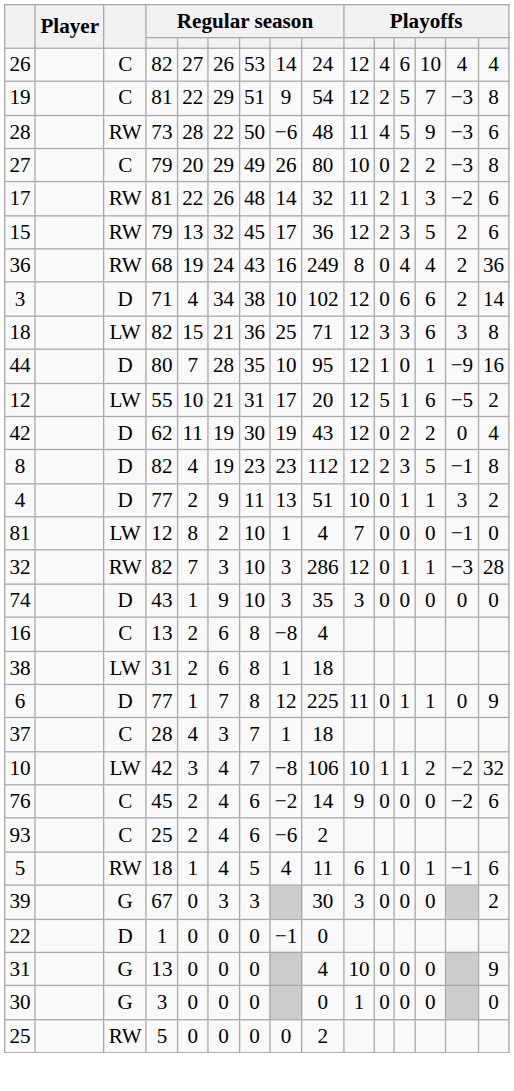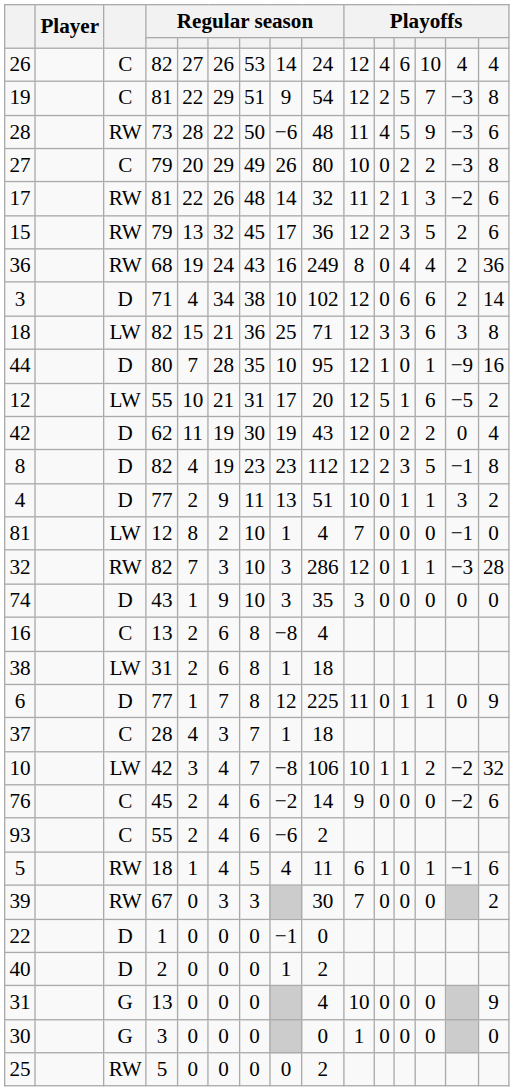 <table class="wikitable sortable plainrowheaders" style="text-align:center;">
 <tr>
 <th scope="col" data-sort-type="number" rowspan="2"></th>
 <th scope="col" rowspan="2">Player</th>
 <th scope="col" rowspan="2"></th>
 <th scope=colgroup colspan=6>Regular season</th>
 <th scope=colgroup colspan=6>Playoffs</th>
 </tr>
 <tr>
 <th scope="col" data-sort-type="number"></th>
 <th scope="col" data-sort-type="number"></th>
 <th scope="col" data-sort-type="number"></th>
 <th scope="col" data-sort-type="number"></th>
 <th scope="col" data-sort-type="number"></th>
 <th scope="col" data-sort-type="number"></th>
 <th scope="col" data-sort-type="number"></th>
 <th scope="col" data-sort-type="number"></th>
 <th scope="col" data-sort-type="number"></th>
 <th scope="col" data-sort-type="number"></th>
 <th scope="col" data-sort-type="number"></th>
 <th scope="col" data-sort-type="number"></th>
 </tr>
 <tr>
 <td scope="row">26</td>
 <td align="left"></td>
 <td>C</td>
 <td>82</td>
 <td>27</td>
 <td>26</td>
 <td>53</td>
 <td>14</td>
 <td>24</td>
 <td>12</td>
 <td>4</td>
 <td>6</td>
 <td>10</td>
 <td>4</td>
 <td>4</td>
 </tr>
 <tr>
 <td scope="row">19</td>
 <td align="left"></td>
 <td>C</td>
 <td>81</td>
 <td>22</td>
 <td>29</td>
 <td>51</td>
 <td>9</td>
 <td>54</td>
 <td>12</td>
 <td>2</td>
 <td>5</td>
 <td>7</td>
 <td>−3</td>
 <td>8</td>
 </tr>
 <tr>
 <td scope="row">28</td>
 <td align="left"></td>
 <td>RW</td>
 <td>73</td>
 <td>28</td>
 <td>22</td>
 <td>50</td>
 <td>−6</td>
 <td>48</td>
 <td>11</td>
 <td>4</td>
 <td>5</td>
 <td>9</td>
 <td>−3</td>
 <td>6</td>
 </tr>
 <tr>
 <td scope="row">27</td>
 <td align="left"></td>
 <td>C</td>
 <td>79</td>
 <td>20</td>
 <td>29</td>
 <td>49</td>
 <td>26</td>
 <td>80</td>
 <td>10</td>
 <td>0</td>
 <td>2</td>
 <td>2</td>
 <td>−3</td>
 <td>8</td>
 </tr>
 <tr>
 <td scope="row">17</td>
 <td align="left"></td>
 <td>RW</td>
 <td>81</td>
 <td>22</td>
 <td>26</td>
 <td>48</td>
 <td>14</td>
 <td>32</td>
 <td>11</td>
 <td>2</td>
 <td>1</td>
 <td>3</td>
 <td>−2</td>
 <td>6</td>
 </tr>
 <tr>
 <td scope="row">15</td>
 <td align="left"></td>
 <td>RW</td>
 <td>79</td>
 <td>13</td>
 <td>32</td>
 <td>45</td>
 <td>17</td>
 <td>36</td>
 <td>12</td>
 <td>2</td>
 <td>3</td>
 <td>5</td>
 <td>2</td>
 <td>6</td>
 </tr>
 <tr>
 <td scope="row">36</td>
 <td align="left"></td>
 <td>RW</td>
 <td>68</td>
 <td>19</td>
 <td>24</td>
 <td>43</td>
 <td>16</td>
 <td>249</td>
 <td>8</td>
 <td>0</td>
 <td>4</td>
 <td>4</td>
 <td>2</td>
 <td>36</td>
 </tr>
 <tr>
 <td scope="row">3</td>
 <td align="left"></td>
 <td>D</td>
 <td>71</td>
 <td>4</td>
 <td>34</td>
 <td>38</td>
 <td>10</td>
 <td>102</td>
 <td>12</td>
 <td>0</td>
 <td>6</td>
 <td>6</td>
 <td>2</td>
 <td>14</td>
 </tr>
 <tr>
 <td scope="row">18</td>
 <td align="left"></td>
 <td>LW</td>
 <td>82</td>
 <td>15</td>
 <td>21</td>
 <td>36</td>
 <td>25</td>
 <td>71</td>
 <td>12</td>
 <td>3</td>
 <td>3</td>
 <td>6</td>
 <td>3</td>
 <td>8</td>
 </tr>
 <tr>
 <td scope="row">44</td>
 <td align="left"></td>
 <td>D</td>
 <td>80</td>
 <td>7</td>
 <td>28</td>
 <td>35</td>
 <td>10</td>
 <td>95</td>
 <td>12</td>
 <td>1</td>
 <td>0</td>
 <td>1</td>
 <td>−9</td>
 <td>16</td>
 </tr>
 <tr>
 <td scope="row">12</td>
 <td align="left"></td>
 <td>LW</td>
 <td>55</td>
 <td>10</td>
 <td>21</td>
 <td>31</td>
 <td>17</td>
 <td>20</td>
 <td>12</td>
 <td>5</td>
 <td>1</td>
 <td>6</td>
 <td>−5</td>
 <td>2</td>
 </tr>
 <tr>
 <td scope="row">42</td>
 <td align="left"></td>
 <td>D</td>
 <td>62</td>
 <td>11</td>
 <td>19</td>
 <td>30</td>
 <td>19</td>
 <td>43</td>
 <td>12</td>
 <td>0</td>
 <td>2</td>
 <td>2</td>
 <td>0</td>
 <td>4</td>
 </tr>
 <tr>
 <td scope="row">8</td>
 <td align="left"></td>
 <td>D</td>
 <td>82</td>
 <td>4</td>
 <td>19</td>
 <td>23</td>
 <td>23</td>
 <td>112</td>
 <td>12</td>
 <td>2</td>
 <td>3</td>
 <td>5</td>
 <td>−1</td>
 <td>8</td>
 </tr>
 <tr>
 <td scope="row">4</td>
 <td align="left"></td>
 <td>D</td>
 <td>77</td>
 <td>2</td>
 <td>9</td>
 <td>11</td>
 <td>13</td>
 <td>51</td>
 <td>10</td>
 <td>0</td>
 <td>1</td>
 <td>1</td>
 <td>3</td>
 <td>2</td>
 </tr>
 <tr>
 <td scope="row">81</td>
 <td align="left"></td>
 <td>LW</td>
 <td>12</td>
 <td>8</td>
 <td>2</td>
 <td>10</td>
 <td>1</td>
 <td>4</td>
 <td>7</td>
 <td>0</td>
 <td>0</td>
 <td>0</td>
 <td>−1</td>
 <td>0</td>
 </tr>
 <tr>
 <td scope="row">32</td>
 <td align="left"></td>
 <td>RW</td>
 <td>82</td>
 <td>7</td>
 <td>3</td>
 <td>10</td>
 <td>3</td>
 <td>286</td>
 <td>12</td>
 <td>0</td>
 <td>1</td>
 <td>1</td>
 <td>−3</td>
 <td>28</td>
 </tr>
 <tr>
 <td scope="row">74</td>
 <td align="left"></td>
 <td>D</td>
 <td>43</td>
 <td>1</td>
 <td>9</td>
 <td>10</td>
 <td>3</td>
 <td>35</td>
 <td>3</td>
 <td>0</td>
 <td>0</td>
 <td>0</td>
 <td>0</td>
 <td>0</td>
 </tr>
 <tr>
 <td scope="row">16</td>
 <td align="left"></td>
 <td>C</td>
 <td>13</td>
 <td>2</td>
 <td>6</td>
 <td>8</td>
 <td>−8</td>
 <td>4</td>
 <td></td>
 <td></td>
 <td></td>
 <td></td>
 <td></td>
 <td></td>
 </tr>
 <tr>
 <td scope="row">38</td>
 <td align="left"></td>
 <td>LW</td>
 <td>31</td>
 <td>2</td>
 <td>6</td>
 <td>8</td>
 <td>1</td>
 <td>18</td>
 <td></td>
 <td></td>
 <td></td>
 <td></td>
 <td></td>
 <td></td>
 </tr>
 <tr>
 <td scope="row">6</td>
 <td align="left"></td>
 <td>D</td>
 <td>77</td>
 <td>1</td>
 <td>7</td>
 <td>8</td>
 <td>12</td>
 <td>225</td>
 <td>11</td>
 <td>0</td>
 <td>1</td>
 <td>1</td>
 <td>0</td>
 <td>9</td>
 </tr>
 <tr>
 <td scope="row">37</td>
 <td align="left"></td>
 <td>C</td>
 <td>28</td>
 <td>4</td>
 <td>3</td>
 <td>7</td>
 <td>1</td>
 <td>18</td>
 <td></td>
 <td></td>
 <td></td>
 <td></td>
 <td></td>
 <td></td>
 </tr>
 <tr>
 <td scope="row">10</td>
 <td align="left"></td>
 <td>LW</td>
 <td>42</td>
 <td>3</td>
 <td>4</td>
 <td>7</td>
 <td>−8</td>
 <td>106</td>
 <td>10</td>
 <td>1</td>
 <td>1</td>
 <td>2</td>
 <td>−2</td>
 <td>32</td>
 </tr>
 <tr>
 <td scope="row">76</td>
 <td align="left"></td>
 <td>C</td>
 <td>45</td>
 <td>2</td>
 <td>4</td>
 <td>6</td>
 <td>−2</td>
 <td>14</td>
 <td>9</td>
 <td>0</td>
 <td>0</td>
 <td>0</td>
 <td>−2</td>
 <td>6</td>
 </tr>
 <tr>
 <td scope="row">93</td>
 <td align="left"></td>
 <td>C</td>
-<td>25</td>
+<td>55</td>
 <td>2</td>
 <td>4</td>
 <td>6</td>
 <td>−6</td>
 <td>2</td>
 <td></td>
 <td></td>
 <td></td>
 <td></td>
 <td></td>
 <td></td>
 </tr>
 <tr>
 <td scope="row">5</td>
 <td align="left"></td>
 <td>RW</td>
 <td>18</td>
 <td>1</td>
 <td>4</td>
 <td>5</td>
 <td>4</td>
 <td>11</td>
 <td>6</td>
 <td>1</td>
 <td>0</td>
 <td>1</td>
 <td>−1</td>
 <td>6</td>
 </tr>
 <tr>
 <td scope="row">39</td>
 <td align="left"></td>
-<td>G</td>
+<td>RW</td>
 <td>67</td>
 <td>0</td>
 <td>3</td>
 <td>3</td>
 <td style="background:#ccc"></td>
 <td>30</td>
-<td>3</td>
+<td>7</td>
 <td>0</td>
 <td>0</td>
 <td>0</td>
 <td style="background:#ccc"></td>
 <td>2</td>
 </tr>
 <tr>
 <td scope="row">22</td>
 <td align="left"></td>
 <td>D</td>
 <td>1</td>
 <td>0</td>
 <td>0</td>
 <td>0</td>
 <td>−1</td>
 <td>0</td>
+<td></td>
+<td></td>
+<td></td>
+<td></td>
+<td></td>
+<td></td>
+</tr>
+<tr>
+<td scope="row">40</td>
+<td align="left"></td>
+<td>D</td>
+<td>2</td>
+<td>0</td>
+<td>0</td>
+<td>0</td>
+<td>1</td>
+<td>2</td>
 <td></td>
 <td></td>
 <td></td>
 <td></td>
 <td></td>
 <td></td>
 </tr>
 <tr>
 <td scope="row">31</td>
 <td align="left"></td>
 <td>G</td>
 <td>13</td>
 <td>0</td>
 <td>0</td>
 <td>0</td>
 <td style="background:#ccc"></td>
 <td>4</td>
 <td>10</td>
 <td>0</td>
 <td>0</td>
 <td>0</td>
 <td style="background:#ccc"></td>
 <td>9</td>
 </tr>
 <tr>
 <td scope="row">30</td>
 <td align="left"></td>
 <td>G</td>
 <td>3</td>
 <td>0</td>
 <td>0</td>
 <td>0</td>
 <td style="background:#ccc"></td>
 <td>0</td>
 <td>1</td>
 <td>0</td>
 <td>0</td>
 <td>0</td>
 <td style="background:#ccc"></td>
 <td>0</td>
 </tr>
 <tr>
 <td scope="row">25</td>
 <td align="left"></td>
 <td>RW</td>
 <td>5</td>
 <td>0</td>
 <td>0</td>
 <td>0</td>
 <td>0</td>
 <td>2</td>
 <td></td>
 <td></td>
 <td></td>
 <td></td>
 <td></td>
 <td></td>
 </tr>
 </table>
